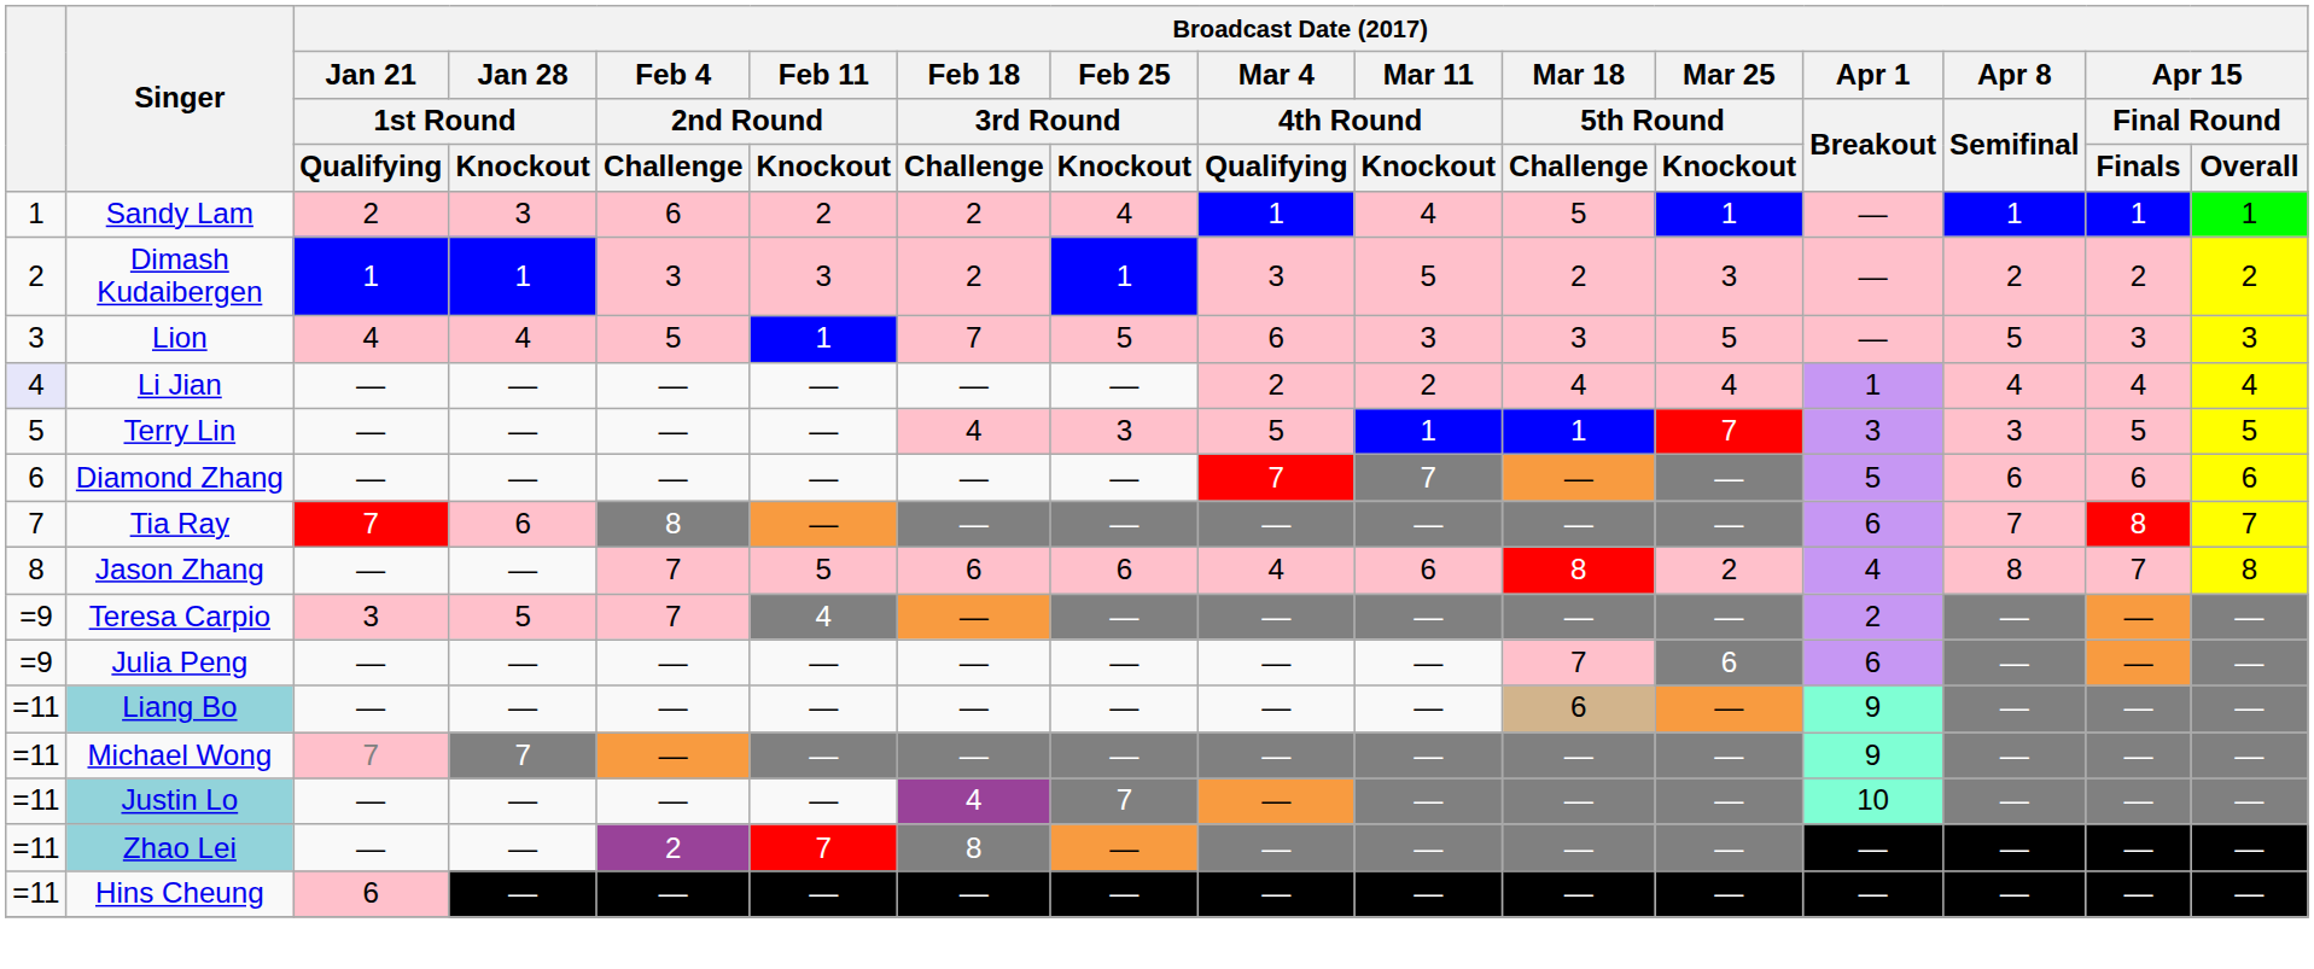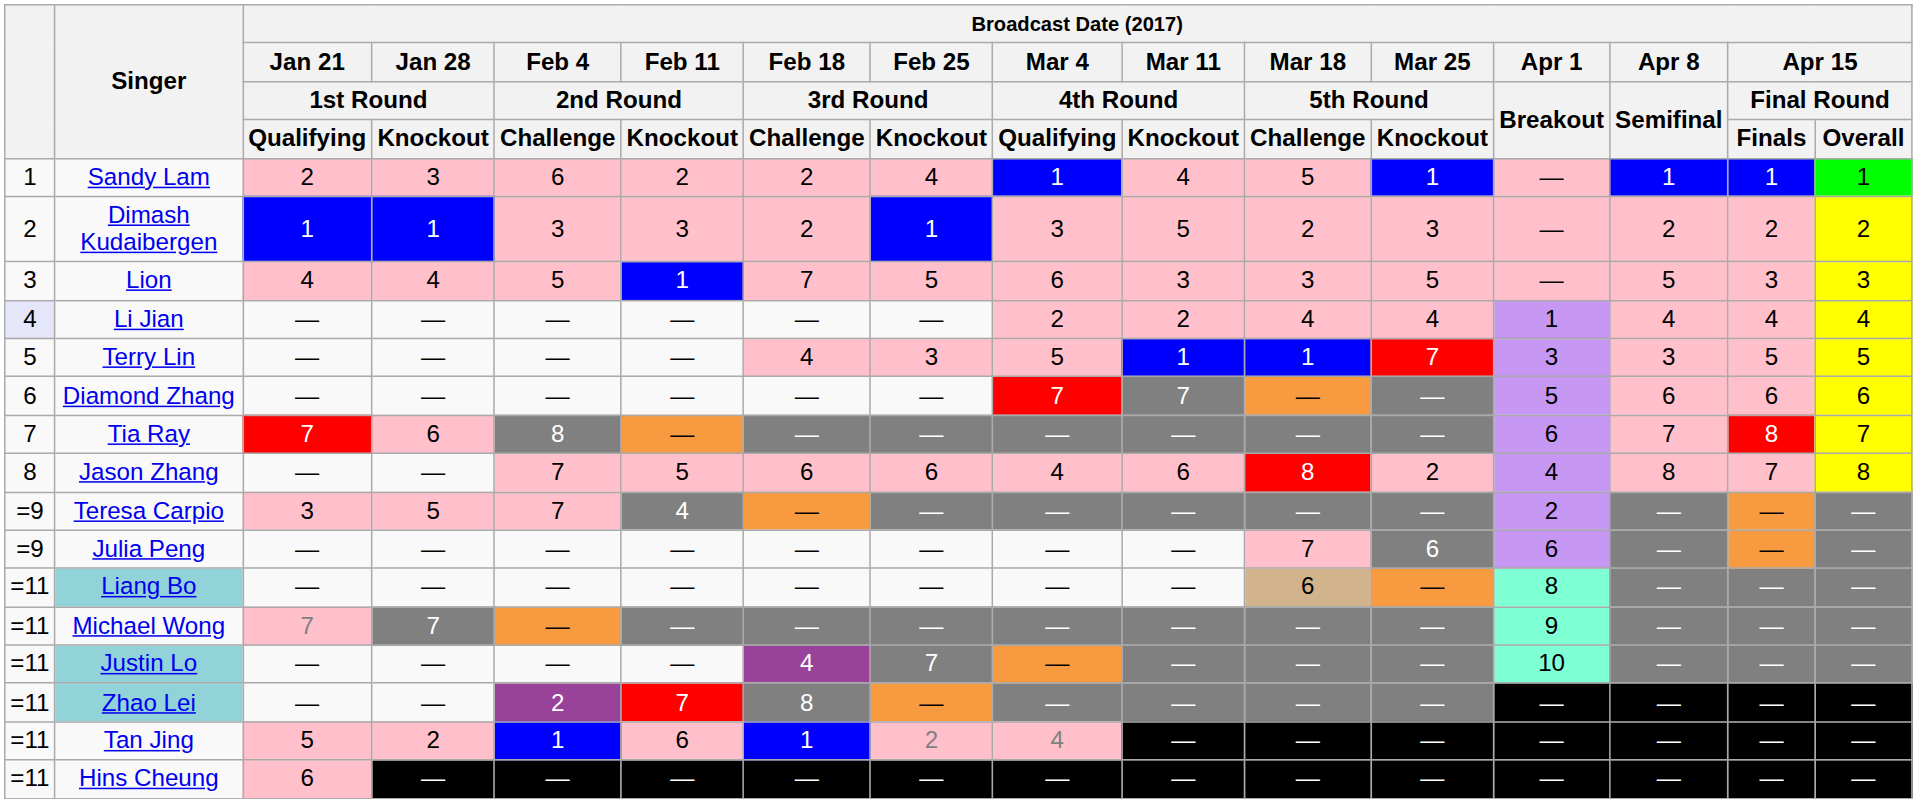 <table class="wikitable" style="margin:1em auto; text-align:center; font-size:100%">
 <tr>
 <th rowspan="4" width="2"></th>
 <th rowspan="4" width="250">Singer</th>
 <th colspan="14"><small>Broadcast Date (2017)</small></th>
 </tr>
 <tr>
 <th>Jan 21</th>
 <th>Jan 28</th>
 <th>Feb 4</th>
 <th>Feb 11</th>
 <th>Feb 18</th>
 <th>Feb 25</th>
 <th>Mar 4</th>
 <th>Mar 11</th>
 <th>Mar 18</th>
 <th>Mar 25</th>
 <th>Apr 1</th>
 <th>Apr 8</th>
 <th colspan=2>Apr 15</th>
 </tr>
 <tr>
 <th colspan="2">1st Round</th>
 <th colspan="2">2nd Round</th>
 <th colspan="2">3rd Round</th>
 <th colspan="2">4th Round</th>
 <th colspan="2">5th Round</th>
 <th rowspan="2">Breakout</th>
 <th rowspan="2">Semifinal</th>
 <th colspan="2">Final Round</th>
 </tr>
 <tr>
 <th width="70" data-sort-type="text">Qualifying</th>
 <th width="70" data-sort-type="text">Knockout</th>
 <th width="70" data-sort-type="text">Challenge</th>
 <th width="70" data-sort-type="text">Knockout</th>
 <th width="70" data-sort-type="text">Challenge</th>
 <th width="70" data-sort-type="text">Knockout</th>
 <th width="70" data-sort-type="text">Qualifying</th>
 <th width="70" data-sort-type="text">Knockout</th>
 <th width="70" data-sort-type="text">Challenge</th>
 <th width="70" data-sort-type="text">Knockout</th>
 <th width="70" data-sort-type="text">Finals</th>
 <th width="70" data-sort-type="text">Overall</th>
 </tr>
 <tr>
 <td>1</td>
 <td><a href='#'>Sandy Lam</a></td>
 <td style="background: pink; color: black">2</td>
 <td style="background: pink; color: black">3</td>
 <td style="background: pink; color: black">6</td>
 <td style="background: pink; color: black">2</td>
 <td style="background: pink; color: black">2</td>
 <td style="background: pink; color: black">4</td>
 <td style="background: blue; color: white">1</td>
 <td style="background: pink; color: black">4</td>
 <td style="background: pink; color: black">5</td>
 <td style="background: blue; color: white">1</td>
 <td style="background: pink; color: black">—</td>
 <td style="background: blue; color: white">1</td>
 <td style="background: blue; color: white">1</td>
 <td style="background: lime; color: black">1 </td>
 </tr>
 <tr>
 <td>2</td>
 <td><a href='#'>Dimash Kudaibergen</a></td>
 <td style="background: blue; color: white">1</td>
 <td style="background: blue; color: white">1</td>
 <td style="background: pink; color: black">3</td>
 <td style="background: pink; color: black">3</td>
 <td style="background: pink; color: black">2</td>
 <td style="background: blue; color: white">1</td>
 <td style="background: pink; color: black">3</td>
 <td style="background: pink; color: black">5</td>
 <td style="background: pink; color: black">2</td>
 <td style="background: pink; color: black">3</td>
 <td style="background: pink; color: black">—</td>
 <td style="background: pink; color: black">2</td>
 <td style="background: pink; color: black">2</td>
 <td style="background: yellow; color: black">2 </td>
 </tr>
 <tr>
 <td>3</td>
 <td><a href='#'>Lion</a></td>
 <td style="background: pink; color: black">4</td>
 <td style="background: pink; color: black">4</td>
 <td style="background: pink; color: black">5</td>
 <td style="background: blue; color: white">1</td>
 <td style="background: pink; color: black">7</td>
 <td style="background: pink; color: black">5</td>
 <td style="background: pink; color: black" data-sort-value="7">6</td>
 <td style="background: pink; color: black">3</td>
 <td style="background: pink; color: black">3</td>
 <td style="background: pink; color: black">5</td>
 <td style="background: pink; color: black">—</td>
 <td style="background: pink; color: black">5</td>
 <td style="background: pink; color: black">3</td>
 <td style="background: yellow; color: black">3 </td>
 </tr>
 <tr>
 <td style="background: lavender;">4</td>
 <td><span><a href='#'></a></span> <a href='#'>Li Jian</a></td>
 <td>—</td>
 <td>—</td>
 <td>—</td>
 <td>—</td>
 <td>—</td>
 <td>—</td>
 <td style="background: pink; color: black">2</td>
 <td style="background: pink; color: black">2</td>
 <td style="background: pink; color: black">4</td>
 <td style="background: pink; color: black">4</td>
 <td style="background:#C697F3; color: black">1</td>
 <td style="background: pink; color: black">4</td>
 <td style="background: pink; color: black">4</td>
 <td style="background: yellow; color: black">4</td>
 </tr>
 <tr>
 <td>5</td>
 <td><span><a href='#'></a></span> <a href='#'>Terry Lin</a></td>
 <td>—</td>
 <td>—</td>
 <td>—</td>
 <td>—</td>
 <td style="background: pink; color: black">4</td>
 <td style="background: pink; color: black">3</td>
 <td style="background: pink; color: black" data-sort-value="6">5</td>
 <td style="background: blue; color: white">1</td>
 <td style="background: blue; color: white">1</td>
 <td style="background: red; color: white">7</td>
 <td style="background:#C697F3;  color: black">3</td>
 <td style="background: pink; color: black">3</td>
 <td style="background: pink; color: black">5</td>
 <td style="background: yellow; color: black">5</td>
 </tr>
 <tr>
 <td>6</td>
 <td><a href='#'>Diamond Zhang</a></td>
 <td>—</td>
 <td>—</td>
 <td>—</td>
 <td>—</td>
 <td>—</td>
 <td>—</td>
 <td style="background: red; color: white" data-sort-value="8">7</td>
 <td style="background: grey; color: white">7</td>
 <td style="background: #F89B40; color: black">—</td>
 <td style="background: grey; color: white">—</td>
 <td style="background:#C697F3; color: black">5</td>
 <td style="background: pink; color: black">6</td>
 <td style="background: pink; color: black">6</td>
 <td style="background: yellow; color: black">6</td>
 </tr>
 <tr>
 <td>7</td>
 <td><a href='#'>Tia Ray</a></td>
 <td style="background: red; color: white" data-sort-value="8">7</td>
 <td style="background: pink; color: black">6</td>
 <td style="background: grey; color: white">8</td>
 <td style="background: #F89B40; color: black">—</td>
 <td style="background: grey; color: white">—</td>
 <td style="background: grey; color: white">—</td>
 <td style="background: grey; color: white">—</td>
 <td style="background: grey; color: white">—</td>
 <td style="background: grey; color: white" data-sort-value="12">—</td>
 <td style="background: grey; color: white">—</td>
 <td style="background:#C697F3; color: black">6</td>
 <td style="background: pink; color: black">7</td>
 <td style="background: red; color: white">8</td>
 <td style="background: yellow; color: black">7</td>
 </tr>
 <tr>
 <td>8</td>
 <td><span><a href='#'></a></span> <a href='#'>Jason Zhang</a></td>
 <td>—</td>
 <td>—</td>
 <td style="background: pink; color: black">7</td>
 <td style="background: pink; color: black">5</td>
 <td style="background: pink; color: black">6</td>
 <td style="background: pink; color: black">6</td>
 <td style="background: pink; color: black" data-sort-value="5">4</td>
 <td style="background: pink; color: black">6</td>
 <td style="background: red; color: white">8</td>
 <td style="background: pink; color: black">2</td>
 <td style="background:#C697F3; color: black">4</td>
 <td style="background: pink; color: black">8</td>
 <td style="background: pink; color: black">7</td>
 <td style="background: yellow; color: black">8</td>
 </tr>
 <tr>
 <td>=9</td>
 <td><a href='#'>Teresa Carpio</a></td>
 <td style="background: pink; color: black">3</td>
 <td style="background: pink; color: black">5</td>
 <td style="background: pink; color: black">7</td>
 <td style="background: grey; color: white">4</td>
 <td style="background:#F89B40; color: black">—</td>
 <td style="background: grey; color: white">—</td>
 <td style="background: grey; color: white">—</td>
 <td style="background: grey; color: white" data-sort-value="11">—</td>
 <td style="background: grey; color: white">—</td>
 <td style="background: grey; color: white">—</td>
 <td style="background:#C697F3;  color: black" data-sort-value="2">2</td>
 <td style="background: grey; color: white" data-sort-value="9">—</td>
 <td style="background: #F89B40; color: black">—</td>
 <td style="background: grey; color: white">—</td>
 </tr>
 <tr>
 <td>=9</td>
 <td><span><a href='#'></a></span> <a href='#'>Julia Peng</a></td>
 <td>—</td>
 <td>—</td>
 <td>—</td>
 <td>—</td>
 <td>—</td>
 <td>—</td>
 <td>—</td>
 <td data-sort-value="15">—</td>
 <td style="background: pink; color: black">7</td>
 <td style="background: grey; color: white">6</td>
 <td style="background:#C697F3;  color: black">6</td>
 <td style="background: grey;  color: white" data-sort-value="10">—</td>
 <td style="background: #F89B40; color: black">—</td>
 <td style="background: grey;  color: white" data-sort-value="10">—</td>
 </tr>
 <tr>
 <td>=11</td>
 <td style="background:#92D3DA; color: black"><a href='#'>Liang Bo</a></td>
 <td>—</td>
 <td>—</td>
 <td>—</td>
 <td>—</td>
 <td>—</td>
 <td>—</td>
 <td>—</td>
 <td data-sort-value="16">—</td>
 <td style="background: tan; color: black">6</td>
 <td style="background: #F89B40; color: black">—</td>
-<td style="background:#7FFFD4; color: black">9</td>
+<td style="background:#7FFFD4; color: black">8</td>
 <td style="background: grey; color: white" data-sort-value="11">—</td>
 <td style="background: grey; color: white">—</td>
 <td style="background: grey; color: white">—</td>
 </tr>
 <tr>
 <td>=11</td>
 <td><a href='#'>Michael Wong</a></td>
 <td style="background: pink; color: grey" data-sort-value="7">7</td>
 <td style="background: grey; color: white">7</td>
 <td style="background: #F89B40; color: black">—</td>
 <td style="background: grey; color: white">—</td>
 <td style="background: grey; color: white">—</td>
 <td style="background: grey; color: white">—</td>
 <td style="background: grey; color: white">—</td>
 <td style="background: grey; color: white" data-sort-value="13">—</td>
 <td style="background: grey; color: white">—</td>
 <td style="background: grey; color: white">—</td>
 <td style="background:#7FFFD4; color: black">9</td>
 <td style="background: grey;color: white">—</td>
 <td style="background: grey; color: white">—</td>
 <td style="background: grey; color: white">—</td>
 </tr>
 <tr>
 <td>=11</td>
 <td style="background:#92D3DA; color: black"><a href='#'>Justin Lo</a></td>
 <td>—</td>
 <td>—</td>
 <td>—</td>
 <td>—</td>
 <td style="background:#994299; color: white">4</td>
 <td style="background: grey; color: white">7</td>
 <td style="background: #F89B40; color: black">—</td>
 <td style="background: grey; color: white">—</td>
 <td style="background: grey; color: white" data-sort-value="9">—</td>
 <td style="background: grey; color: white">—</td>
 <td style="background:#7FFFD4; color: black" data-sort-value="10">10</td>
 <td style="background: grey;color: white">—</td>
 <td style="background: grey;color: white">—</td>
 <td style="background: grey; color: white">—</td>
 </tr>
 <tr>
 <td>=11</td>
 <td style="background:#92D3DA; color: black"><a href='#'>Zhao Lei</a></td>
 <td>—</td>
 <td>—</td>
 <td style="background:#994299; color: white">2</td>
 <td style="background: red; color: white">7</td>
 <td style="background: grey; color: white">8</td>
 <td style="background: #F89B40; color: black">—</td>
 <td style="background: grey; color: white">—</td>
 <td style="background: grey; color: white">—</td>
 <td style="background: grey; color: white" data-sort-value="10">—</td>
 <td style="background: grey; color: white">—</td>
 <td style="background: black; color: white">—</td>
 <td style="background: black; color: white" data-sort-value="14">—</td>
 <td style="background: black; color: white">—</td>
 <td style="background: black; color: white">—</td>
 </tr>
 <tr>
 <td>=11</td>
+<td><a href='#'>Tan Jing</a></td>
+<td style="background: pink; color: black">5</td>
+<td style="background: pink; color: black">2</td>
+<td style="background: blue; color: white">1</td>
+<td style="background: pink; color: black">6</td>
+<td style="background: blue; color: white">1</td>
+<td style="background: pink; color: grey">2</td>
+<td style="background: pink; color: grey">4</td>
+<td style="background: black; color: white">—</td>
+<td style="background: black; color: white" data-sort-value="8">—</td>
+<td style="background: black; color: white">—</td>
+<td style="background: black; color: white">—</td>
+<td style="background: black; color: white" data-sort-value="15">—</td>
+<td style="background: black; color: white">—</td>
+<td style="background: black; color: white">—</td>
+</tr>
+<tr>
+<td>=11</td>
 <td><a href='#'>Hins Cheung</a></td>
 <td style="background: pink; color: black">6</td>
 <td style="background: black; color: white">—</td>
 <td style="background: black; color: white">—</td>
 <td style="background: black; color: white">—</td>
 <td style="background: black; color: white">—</td>
 <td style="background: black; color: white">—</td>
 <td style="background: black; color: white">—</td>
 <td style="background: black; color: white" data-sort-value="14">—</td>
 <td style="background: black; color: white">—</td>
 <td style="background: black; color: white">—</td>
 <td style="background: black; color: white">—</td>
 <td style="background: black; color: white" data-sort-value="16">—</td>
 <td style="background: black; color: white">—</td>
 <td style="background: black; color: white">—</td>
 </tr>
 <tr>
 </tr>
 </table>
